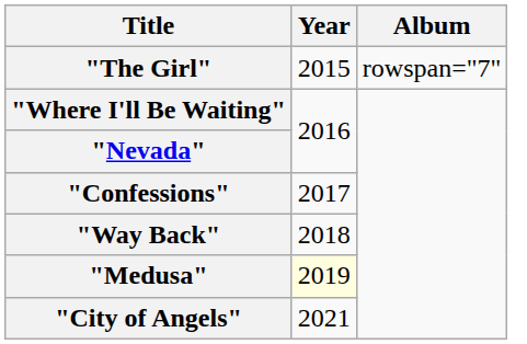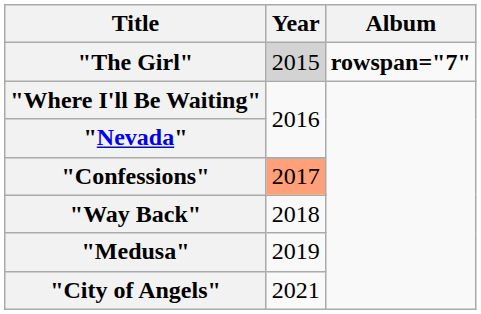 <table class="wikitable plainrowheaders" style="text-align:center;">
 <tr>
 <th>Title</th>
 <th>Year</th>
 <th>Album</th>
 </tr>
 <tr>
 <th scope="row">"The Girl"<br></th>
-<td>2015</td>
-<td>rowspan="7" </td>
+<td style="background: lightgrey;">2015</td>
+<td><strong>rowspan="7" </strong></td>
 </tr>
 <tr>
 <th scope="row">"Where I'll Be Waiting"<br></th>
 <td rowspan="2">2016</td>
 </tr>
 <tr>
 <th scope="row">"<a href='#'>Nevada</a>"<br></th>
 </tr>
 <tr>
 <th scope="row">"Confessions"<br></th>
-<td>2017</td>
+<td style="background: lightsalmon;">2017</td>
 </tr>
 <tr>
 <th scope="row">"Way Back"<br></th>
 <td>2018</td>
 </tr>
 <tr>
 <th scope="row">"Medusa"<br></th>
-<td style="background: lightyellow;">2019</td>
+<td>2019</td>
 </tr>
 <tr>
 <th scope="row">"City of Angels"<br></th>
 <td>2021</td>
 </tr>
 </table>
